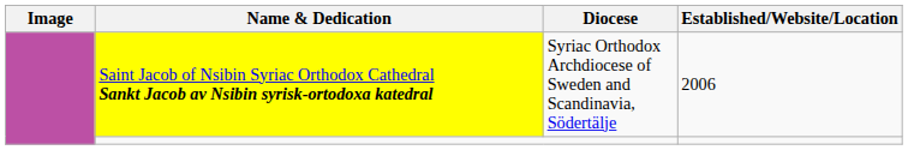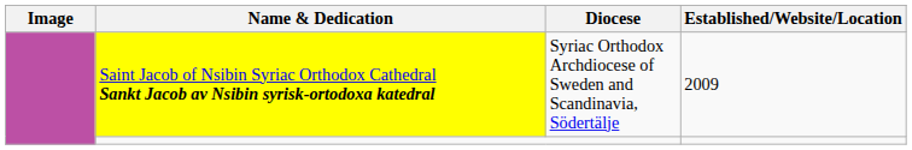 <table width=95% class="wikitable">
 <tr>
 <th width=10%>Image</th>
 <th width=50%>Name & Dedication</th>
 <th>Diocese</th>
 <th width=10%>Established/Website/Location</th>
 </tr>
 <tr>
 <td rowspan="2" bgcolor="#BC50A5" align="center"></td>
 <td bgcolor="yellow"><a href='#'>Saint Jacob of Nsibin Syriac Orthodox Cathedral</a><br><strong><em>Sankt Jacob av Nsibin syrisk-ortodoxa katedral</em></strong></td>
 <td>Syriac Orthodox Archdiocese of Sweden and Scandinavia, <a href='#'>Södertälje</a></td>
-<td>2006</td>
+<td>2009</td>
 </tr>
 <tr>
 <td colspan="2"><small></small></td>
 <td><small></small></td>
 </tr>
 </table>
